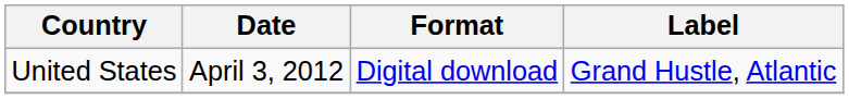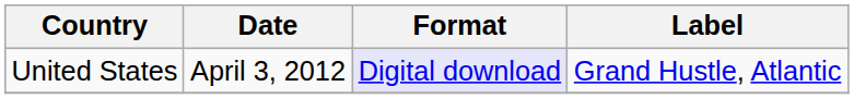 <table class="wikitable">
 <tr>
 <th>Country</th>
 <th>Date</th>
 <th>Format</th>
 <th>Label</th>
 </tr>
 <tr>
 <td>United States</td>
 <td>April 3, 2012</td>
-<td><a href='#'>Digital download</a></td>
+<td style="background: lavender;"><a href='#'>Digital download</a></td>
 <td><a href='#'>Grand Hustle</a>, <a href='#'>Atlantic</a></td>
 </tr>
 <tr>
 </tr>
 </table>
